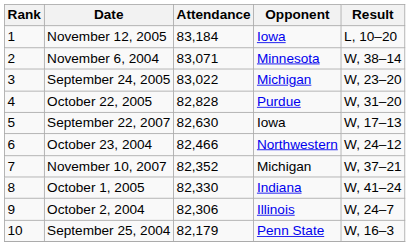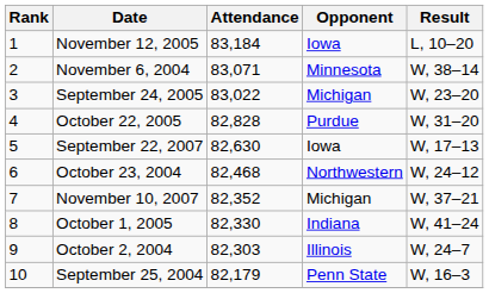 <table class=wikitable>
 <tr>
 <th>Rank</th>
 <th>Date</th>
 <th>Attendance</th>
 <th>Opponent</th>
 <th>Result</th>
 </tr>
 <tr>
 <td>1</td>
 <td>November 12, 2005</td>
 <td>83,184</td>
 <td><a href='#'>Iowa</a></td>
 <td>L, 10–20</td>
 </tr>
 <tr>
 <td>2</td>
 <td>November 6, 2004</td>
 <td>83,071</td>
 <td><a href='#'>Minnesota</a></td>
 <td>W, 38–14</td>
 </tr>
 <tr>
 <td>3</td>
 <td>September 24, 2005</td>
 <td>83,022</td>
 <td><a href='#'>Michigan</a></td>
 <td>W, 23–20</td>
 </tr>
 <tr>
 <td>4</td>
 <td>October 22, 2005</td>
 <td>82,828</td>
 <td><a href='#'>Purdue</a></td>
 <td>W, 31–20</td>
 </tr>
 <tr>
 <td>5</td>
 <td>September 22, 2007</td>
 <td>82,630</td>
 <td>Iowa</td>
 <td>W, 17–13</td>
 </tr>
 <tr>
 <td>6</td>
 <td>October 23, 2004</td>
-<td>82,466</td>
+<td>82,468</td>
 <td><a href='#'>Northwestern</a></td>
 <td>W, 24–12</td>
 </tr>
 <tr>
 <td>7</td>
 <td>November 10, 2007</td>
 <td>82,352</td>
 <td>Michigan</td>
 <td>W, 37–21</td>
 </tr>
 <tr>
 <td>8</td>
 <td>October 1, 2005</td>
 <td>82,330</td>
 <td><a href='#'>Indiana</a></td>
 <td>W, 41–24</td>
 </tr>
 <tr>
 <td>9</td>
 <td>October 2, 2004</td>
-<td>82,306</td>
+<td>82,303</td>
 <td><a href='#'>Illinois</a></td>
 <td>W, 24–7</td>
 </tr>
 <tr>
 <td>10</td>
 <td>September 25, 2004</td>
 <td>82,179</td>
 <td><a href='#'>Penn State</a></td>
 <td>W, 16–3</td>
 </tr>
 <tr>
 </tr>
 </table>
